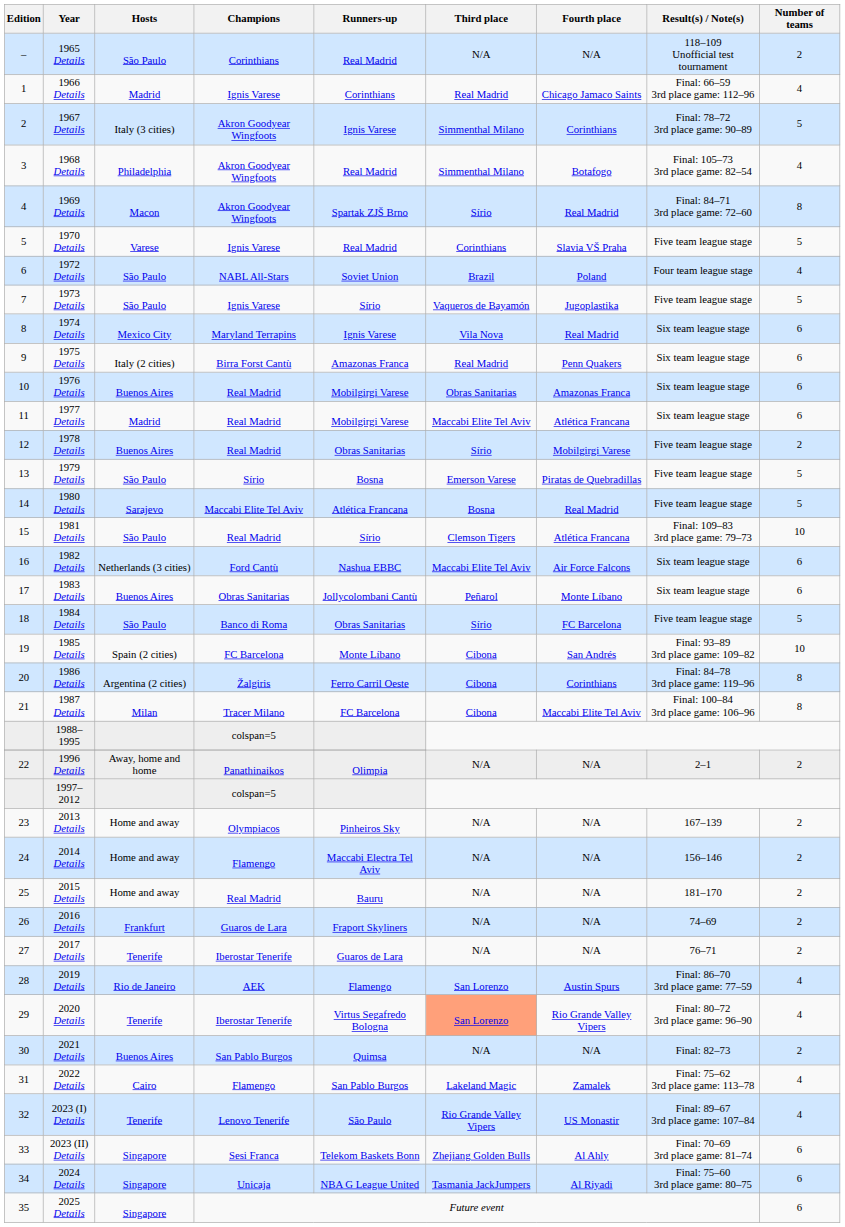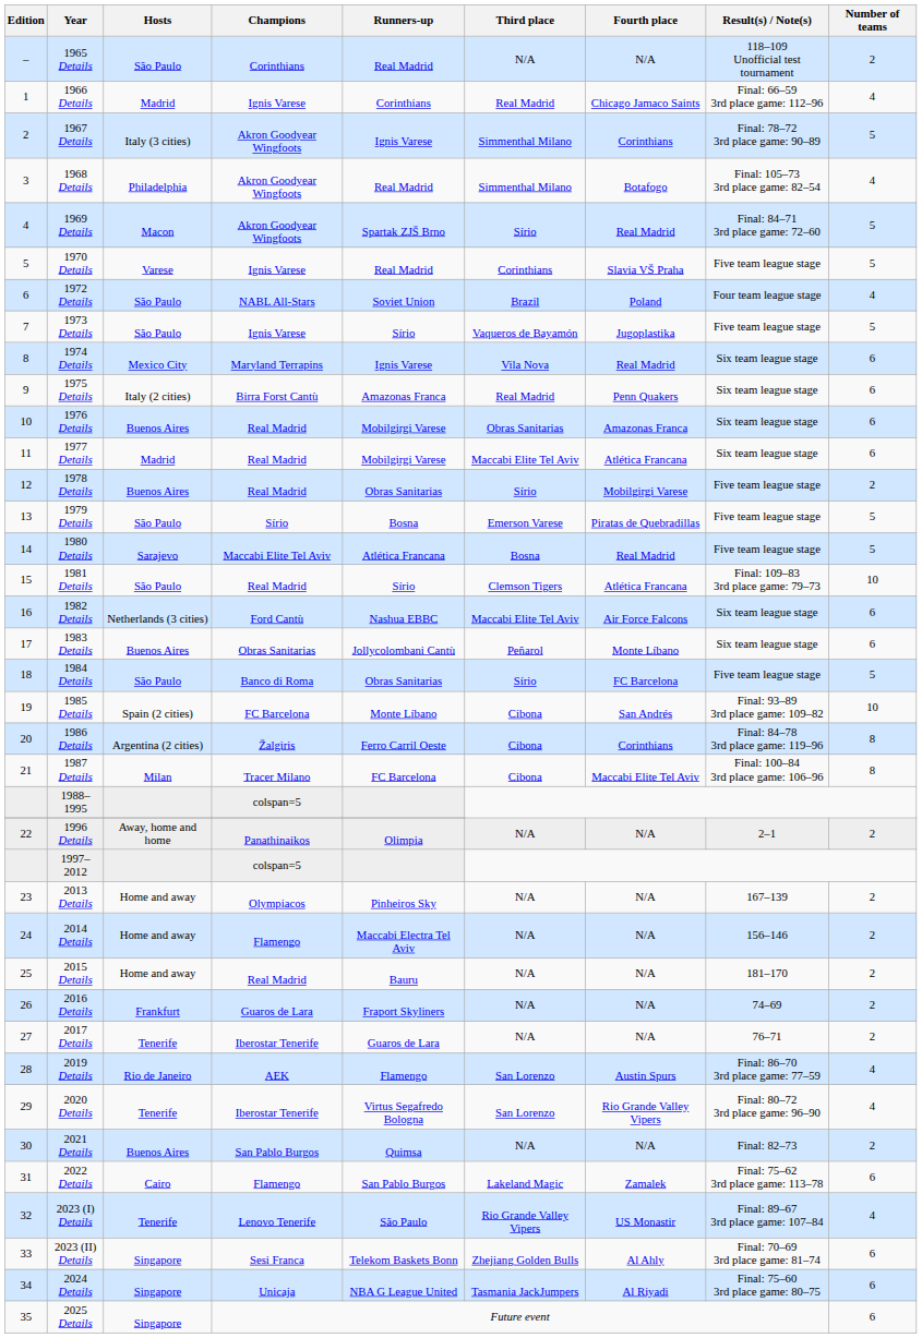 <table class="wikitable">
 <tr align="center">
 <th>Edition</th>
 <th>Year</th>
 <th>Hosts</th>
 <th>Champions</th>
 <th>Runners-up</th>
 <th>Third place</th>
 <th>Fourth place</th>
 <th>Result(s) / Note(s)</th>
 <th>Number of teams</th>
 </tr>
 <tr align="center" bgcolor="#D0E7FF">
 <td>–</td>
 <td>1965<br><em><a href='#'>Details</a></em></td>
 <td><br><a href='#'>São Paulo</a></td>
 <td><br><a href='#'>Corinthians</a></td>
 <td><br><a href='#'>Real Madrid</a></td>
 <td>N/A</td>
 <td>N/A</td>
 <td>118–109<br>Unofficial test tournament</td>
 <td>2</td>
 </tr>
 <tr align="center">
 <td>1</td>
 <td>1966<br><em><a href='#'>Details</a></em></td>
 <td><br> <a href='#'>Madrid</a></td>
 <td><br><a href='#'>Ignis Varese</a></td>
 <td><br><a href='#'>Corinthians</a></td>
 <td><br><a href='#'>Real Madrid</a></td>
 <td><br><a href='#'>Chicago Jamaco Saints</a></td>
 <td>Final: 66–59<br>3rd place game: 112–96</td>
 <td>4</td>
 </tr>
 <tr align="center" bgcolor="#D0E7FF">
 <td>2</td>
 <td>1967<br><em><a href='#'>Details</a></em></td>
 <td><br> Italy (3 cities)</td>
 <td><br><a href='#'>Akron Goodyear Wingfoots</a></td>
 <td><br><a href='#'>Ignis Varese</a></td>
 <td><br><a href='#'>Simmenthal Milano</a></td>
 <td><br><a href='#'>Corinthians</a></td>
 <td>Final: 78–72<br>3rd place game: 90–89</td>
 <td>5</td>
 </tr>
 <tr align="center">
 <td>3</td>
 <td>1968<br><em><a href='#'>Details</a></em></td>
 <td><br> <a href='#'>Philadelphia</a></td>
 <td><br><a href='#'>Akron Goodyear Wingfoots</a></td>
 <td><br><a href='#'>Real Madrid</a></td>
 <td><br><a href='#'>Simmenthal Milano</a></td>
 <td><br><a href='#'>Botafogo</a></td>
 <td>Final: 105–73<br>3rd place game: 82–54</td>
 <td>4</td>
 </tr>
 <tr align="center" bgcolor="#D0E7FF">
 <td>4</td>
 <td>1969<br><em><a href='#'>Details</a></em></td>
 <td><br> <a href='#'>Macon</a></td>
 <td><br><a href='#'>Akron Goodyear Wingfoots</a></td>
 <td><br><a href='#'>Spartak ZJŠ Brno</a></td>
 <td><br><a href='#'>Sírio</a></td>
 <td><br><a href='#'>Real Madrid</a></td>
 <td>Final: 84–71<br>3rd place game: 72–60</td>
-<td>8</td>
+<td>5</td>
 </tr>
 <tr align="center">
 <td>5</td>
 <td>1970<br><em><a href='#'>Details</a></em></td>
 <td><br> <a href='#'>Varese</a></td>
 <td><br><a href='#'>Ignis Varese</a></td>
 <td><br><a href='#'>Real Madrid</a></td>
 <td><br><a href='#'>Corinthians</a></td>
 <td><br><a href='#'>Slavia VŠ Praha</a></td>
 <td>Five team league stage</td>
 <td>5</td>
 </tr>
 <tr align="center" bgcolor="#D0E7FF">
 <td>6</td>
 <td>1972<br><em><a href='#'>Details</a></em></td>
 <td><br><a href='#'>São Paulo</a></td>
 <td><br><a href='#'>NABL All-Stars</a></td>
 <td><br><a href='#'>Soviet Union</a></td>
 <td><br><a href='#'>Brazil</a></td>
 <td><br><a href='#'>Poland</a></td>
 <td>Four team league stage</td>
 <td>4</td>
 </tr>
 <tr align="center">
 <td>7</td>
 <td>1973<br><em><a href='#'>Details</a></em></td>
 <td><br><a href='#'>São Paulo</a></td>
 <td><br><a href='#'>Ignis Varese</a></td>
 <td><br><a href='#'>Sírio</a></td>
 <td><br><a href='#'>Vaqueros de Bayamón</a></td>
 <td><br><a href='#'>Jugoplastika</a></td>
 <td>Five team league stage</td>
 <td>5</td>
 </tr>
 <tr align="center" bgcolor="#D0E7FF">
 <td>8</td>
 <td>1974<br><em><a href='#'>Details</a></em></td>
 <td><br><a href='#'>Mexico City</a></td>
 <td><br><a href='#'>Maryland Terrapins</a></td>
 <td><br><a href='#'>Ignis Varese</a></td>
 <td><br><a href='#'>Vila Nova</a></td>
 <td><br><a href='#'>Real Madrid</a></td>
 <td>Six team league stage</td>
 <td>6</td>
 </tr>
 <tr align="center">
 <td>9</td>
 <td>1975<br><em><a href='#'>Details</a></em></td>
 <td><br> Italy (2 cities)</td>
 <td><br><a href='#'>Birra Forst Cantù</a></td>
 <td><br><a href='#'>Amazonas Franca</a></td>
 <td><br><a href='#'>Real Madrid</a></td>
 <td><br><a href='#'>Penn Quakers</a></td>
 <td>Six team league stage</td>
 <td>6</td>
 </tr>
 <tr align="center" bgcolor="#D0E7FF">
 <td>10</td>
 <td>1976<br><em><a href='#'>Details</a></em></td>
 <td><br> <a href='#'>Buenos Aires</a></td>
 <td><br><a href='#'>Real Madrid</a></td>
 <td><br><a href='#'>Mobilgirgi Varese</a></td>
 <td><br><a href='#'>Obras Sanitarias</a></td>
 <td><br><a href='#'>Amazonas Franca</a></td>
 <td>Six team league stage</td>
 <td>6</td>
 </tr>
 <tr align="center">
 <td>11</td>
 <td>1977<br><em><a href='#'>Details</a></em></td>
 <td><br> <a href='#'>Madrid</a></td>
 <td><br><a href='#'>Real Madrid</a></td>
 <td><br><a href='#'>Mobilgirgi Varese</a></td>
 <td><br><a href='#'>Maccabi Elite Tel Aviv</a></td>
 <td><br><a href='#'>Atlética Francana</a></td>
 <td>Six team league stage</td>
 <td>6</td>
 </tr>
 <tr align="center" bgcolor="#D0E7FF">
 <td>12</td>
 <td>1978<br><em><a href='#'>Details</a></em></td>
 <td><br> <a href='#'>Buenos Aires</a></td>
 <td><br><a href='#'>Real Madrid</a></td>
 <td><br><a href='#'>Obras Sanitarias</a></td>
 <td><br><a href='#'>Sírio</a></td>
 <td><br><a href='#'>Mobilgirgi Varese</a></td>
 <td>Five team league stage</td>
 <td>2</td>
 </tr>
 <tr align="center">
 <td>13</td>
 <td>1979<br><em><a href='#'>Details</a></em></td>
 <td><br><a href='#'>São Paulo</a></td>
 <td><br><a href='#'>Sírio</a></td>
 <td><br><a href='#'>Bosna</a></td>
 <td><br><a href='#'>Emerson Varese</a></td>
 <td><br><a href='#'>Piratas de Quebradillas</a></td>
 <td>Five team league stage</td>
 <td>5</td>
 </tr>
 <tr align="center" bgcolor="#D0E7FF">
 <td>14</td>
 <td>1980<br><em><a href='#'>Details</a></em></td>
 <td><br><a href='#'>Sarajevo</a></td>
 <td><br><a href='#'>Maccabi Elite Tel Aviv</a></td>
 <td><br><a href='#'>Atlética Francana</a></td>
 <td><br><a href='#'>Bosna</a></td>
 <td><br><a href='#'>Real Madrid</a></td>
 <td>Five team league stage</td>
 <td>5</td>
 </tr>
 <tr align="center">
 <td>15</td>
 <td>1981<br><em><a href='#'>Details</a></em></td>
 <td><br><a href='#'>São Paulo</a></td>
 <td><br><a href='#'>Real Madrid</a></td>
 <td><br><a href='#'>Sírio</a></td>
 <td><br><a href='#'>Clemson Tigers</a></td>
 <td><br><a href='#'>Atlética Francana</a></td>
 <td>Final: 109–83<br>3rd place game: 79–73</td>
 <td>10</td>
 </tr>
 <tr align="center" bgcolor="#D0E7FF">
 <td>16</td>
 <td>1982<br><em><a href='#'>Details</a></em></td>
 <td><br> Netherlands (3 cities)</td>
 <td><br><a href='#'>Ford Cantù</a></td>
 <td><br><a href='#'>Nashua EBBC</a></td>
 <td><br><a href='#'>Maccabi Elite Tel Aviv</a></td>
 <td><br><a href='#'>Air Force Falcons</a></td>
 <td>Six team league stage</td>
 <td>6</td>
 </tr>
 <tr align="center">
 <td>17</td>
 <td>1983<br><em><a href='#'>Details</a></em></td>
 <td><br> <a href='#'>Buenos Aires</a></td>
 <td><br><a href='#'>Obras Sanitarias</a></td>
 <td><br><a href='#'>Jollycolombani Cantù</a></td>
 <td><br><a href='#'>Peñarol</a></td>
 <td><br><a href='#'>Monte Líbano</a></td>
 <td>Six team league stage</td>
 <td>6</td>
 </tr>
 <tr align="center" bgcolor="#D0E7FF">
 <td>18</td>
 <td>1984<br><em><a href='#'>Details</a></em></td>
 <td><br><a href='#'>São Paulo</a></td>
 <td><br><a href='#'>Banco di Roma</a></td>
 <td><br><a href='#'>Obras Sanitarias</a></td>
 <td><br><a href='#'>Sírio</a></td>
 <td><br><a href='#'>FC Barcelona</a></td>
 <td>Five team league stage</td>
 <td>5</td>
 </tr>
 <tr align="center">
 <td>19</td>
 <td>1985<br><em><a href='#'>Details</a></em></td>
 <td><br> Spain (2 cities)</td>
 <td><br><a href='#'>FC Barcelona</a></td>
 <td><br><a href='#'>Monte Líbano</a></td>
 <td><br><a href='#'>Cibona</a></td>
 <td><br><a href='#'>San Andrés</a></td>
 <td>Final: 93–89<br>3rd place game: 109–82</td>
 <td>10</td>
 </tr>
 <tr align="center" bgcolor="#D0E7FF">
 <td>20</td>
 <td>1986<br><em><a href='#'>Details</a></em></td>
 <td><br> Argentina (2 cities)</td>
 <td><br><a href='#'>Žalgiris</a></td>
 <td><br><a href='#'>Ferro Carril Oeste</a></td>
 <td><br><a href='#'>Cibona</a></td>
 <td><br><a href='#'>Corinthians</a></td>
 <td>Final: 84–78<br>3rd place game: 119–96</td>
 <td>8</td>
 </tr>
 <tr align="center">
 <td>21</td>
 <td>1987<br><em><a href='#'>Details</a></em></td>
 <td><br> <a href='#'>Milan</a></td>
 <td><br><a href='#'>Tracer Milano</a></td>
 <td><br><a href='#'>FC Barcelona</a></td>
 <td><br><a href='#'>Cibona</a></td>
 <td><br><a href='#'>Maccabi Elite Tel Aviv</a></td>
 <td>Final: 100–84<br>3rd place game: 106–96</td>
 <td>8</td>
 </tr>
 <tr align="center" bgcolor="#eee">
 <td></td>
 <td>1988–1995</td>
 <td></td>
 <td>colspan=5 </td>
 <td></td>
 </tr>
 <tr>
 </tr>
 <tr align="center" bgcolor="#eee">
 <td>22</td>
 <td>1996 <br><em><a href='#'>Details</a></em></td>
 <td>Away, home and home</td>
 <td><br><a href='#'>Panathinaikos</a></td>
 <td><br><a href='#'>Olimpia</a></td>
 <td>N/A</td>
 <td>N/A</td>
 <td>2–1  <br> </td>
 <td>2</td>
 </tr>
 <tr align="center" bgcolor="#eee">
 <td></td>
 <td>1997–2012</td>
 <td></td>
 <td>colspan=5 </td>
 <td></td>
 </tr>
 <tr align="center">
 <td>23</td>
 <td>2013<br><em><a href='#'>Details</a></em></td>
 <td>Home and away</td>
 <td><br><a href='#'>Olympiacos</a></td>
 <td><br><a href='#'>Pinheiros Sky</a></td>
 <td>N/A</td>
 <td>N/A</td>
 <td>167–139 <br> </td>
 <td>2</td>
 </tr>
 <tr align="center" bgcolor="#D0E7FF">
 <td>24</td>
 <td>2014<br><em><a href='#'>Details</a></em></td>
 <td>Home and away</td>
 <td><br><a href='#'>Flamengo</a></td>
 <td><br><a href='#'>Maccabi Electra Tel Aviv</a></td>
 <td>N/A</td>
 <td>N/A</td>
 <td>156–146 <br> </td>
 <td>2</td>
 </tr>
 <tr align="center">
 <td>25</td>
 <td>2015<br><em><a href='#'>Details</a></em></td>
 <td>Home and away</td>
 <td><br><a href='#'>Real Madrid</a></td>
 <td><br><a href='#'>Bauru</a></td>
 <td>N/A</td>
 <td>N/A</td>
 <td>181–170 <br> </td>
 <td>2</td>
 </tr>
 <tr align="center" bgcolor="#D0E7FF">
 <td>26</td>
 <td>2016<br><em><a href='#'>Details</a></em></td>
 <td><br> <a href='#'>Frankfurt</a></td>
 <td><br><a href='#'>Guaros de Lara</a></td>
 <td><br><a href='#'>Fraport Skyliners</a></td>
 <td>N/A</td>
 <td>N/A</td>
 <td>74–69</td>
 <td>2</td>
 </tr>
 <tr align="center">
 <td>27</td>
 <td>2017<br><em><a href='#'>Details</a></em></td>
 <td><br> <a href='#'>Tenerife</a></td>
 <td><br><a href='#'>Iberostar Tenerife</a></td>
 <td><br><a href='#'>Guaros de Lara</a></td>
 <td>N/A</td>
 <td>N/A</td>
 <td>76–71</td>
 <td>2</td>
 </tr>
 <tr align="center" bgcolor="#D0E7FF">
 <td>28</td>
 <td>2019<br><em><a href='#'>Details</a></em></td>
 <td><br> <a href='#'>Rio de Janeiro</a></td>
 <td><br> <a href='#'>AEK</a></td>
 <td><br><a href='#'>Flamengo</a></td>
 <td><br><a href='#'>San Lorenzo</a></td>
 <td><br><a href='#'>Austin Spurs</a></td>
 <td>Final: 86–70 <br>3rd place game: 77–59</td>
 <td>4</td>
 </tr>
 <tr align="center">
 <td>29</td>
 <td>2020<br><em><a href='#'>Details</a></em></td>
 <td><br> <a href='#'>Tenerife</a></td>
 <td><br><a href='#'>Iberostar Tenerife</a></td>
 <td><br><a href='#'>Virtus Segafredo Bologna</a></td>
-<td style="background: lightsalmon;"><br><a href='#'>San Lorenzo</a></td>
+<td><br><a href='#'>San Lorenzo</a></td>
 <td><br><a href='#'>Rio Grande Valley Vipers</a></td>
 <td>Final: 80–72 <br>3rd place game: 96–90</td>
 <td>4</td>
 </tr>
 <tr align="center" bgcolor="#D0E7FF">
 <td>30</td>
 <td>2021<br><em><a href='#'>Details</a></em></td>
 <td><br> <a href='#'>Buenos Aires</a></td>
 <td><br><a href='#'>San Pablo Burgos</a></td>
 <td><br><a href='#'>Quimsa</a></td>
 <td>N/A</td>
 <td>N/A</td>
 <td>Final: 82–73</td>
 <td>2</td>
 </tr>
 <tr align="center">
 <td>31</td>
 <td>2022<br><em><a href='#'>Details</a></em></td>
 <td><br> <a href='#'>Cairo</a></td>
 <td><br><a href='#'>Flamengo</a></td>
 <td><br><a href='#'>San Pablo Burgos</a></td>
 <td><br><a href='#'>Lakeland Magic</a></td>
 <td><br><a href='#'>Zamalek</a></td>
 <td>Final: 75–62<br>3rd place game: 113–78</td>
-<td>4</td>
+<td>6</td>
 </tr>
 <tr align="center" bgcolor="#D0E7FF">
 <td>32</td>
 <td>2023 (I)<br><em><a href='#'>Details</a></em></td>
 <td><br> <a href='#'>Tenerife</a></td>
 <td><br><a href='#'>Lenovo Tenerife</a></td>
 <td><br><a href='#'>São Paulo</a></td>
 <td><br><a href='#'>Rio Grande Valley Vipers</a></td>
 <td><br><a href='#'>US Monastir</a></td>
 <td>Final: 89–67<br>3rd place game: 107–84</td>
 <td>4</td>
 </tr>
 <tr align=center>
 <td>33</td>
 <td>2023 (II)<br><em><a href='#'>Details</a></em></td>
 <td><br> <a href='#'>Singapore</a></td>
 <td><br><a href='#'>Sesi Franca</a></td>
 <td><br><a href='#'>Telekom Baskets Bonn</a></td>
 <td><br><a href='#'>Zhejiang Golden Bulls</a></td>
 <td><br><a href='#'>Al Ahly</a></td>
 <td>Final: 70–69<br>3rd place game: 81–74</td>
 <td>6</td>
 </tr>
 <tr align=center bgcolor="#D0E7FF">
 <td>34</td>
 <td>2024<br><em><a href='#'>Details</a></em></td>
 <td><br> <a href='#'>Singapore</a></td>
 <td><br><a href='#'>Unicaja</a></td>
 <td><br><a href='#'>NBA G League United</a></td>
 <td><br><a href='#'>Tasmania JackJumpers</a></td>
 <td><br><a href='#'>Al Riyadi</a></td>
 <td>Final: 75–60<br>3rd place game: 80–75</td>
 <td>6</td>
 </tr>
 <tr align=center>
 <td>35</td>
 <td>2025<br><em><a href='#'>Details</a></em></td>
 <td><br> <a href='#'>Singapore</a></td>
 <td colspan="5"><em>Future event</em></td>
 <td>6</td>
 </tr>
 </table>
